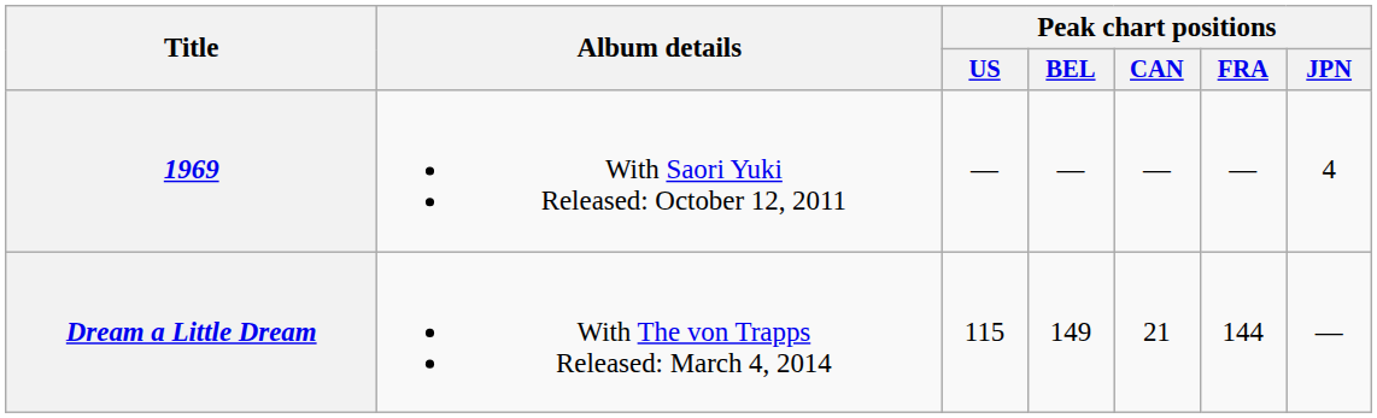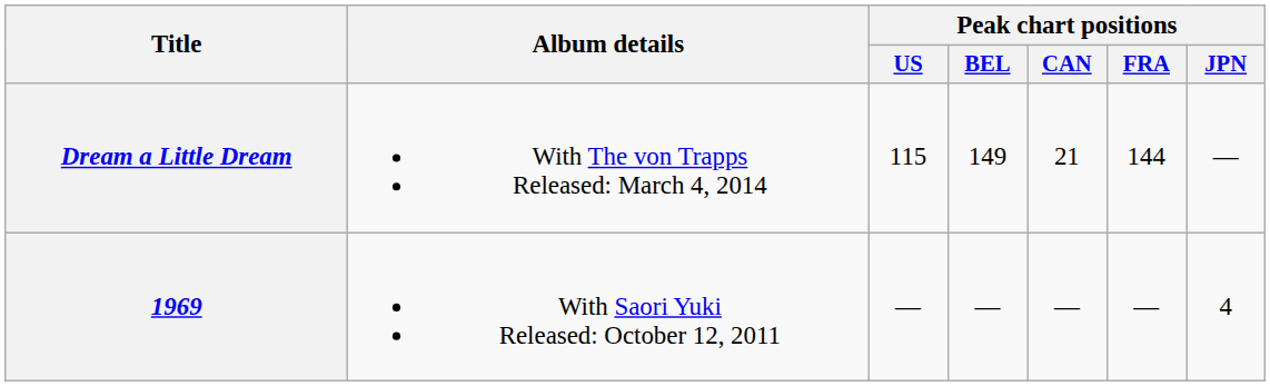 <table class="wikitable plainrowheaders" style="text-align:center;">
 <tr>
 <th scope="col" rowspan="2" style="width:13em;">Title</th>
 <th scope="col" rowspan="2" style="width:20em;">Album details</th>
 <th colspan="5" scope="col">Peak chart positions</th>
 </tr>
 <tr>
 <th scope="col" style="width:3em;font-size:90%;"><a href='#'>US</a><br></th>
 <th scope="col" style="width:3em;font-size:90%;"><a href='#'>BEL</a><br></th>
 <th scope="col" style="width:3em;font-size:90%;"><a href='#'>CAN</a><br></th>
 <th scope="col" style="width:3em;font-size:90%;"><a href='#'>FRA</a><br></th>
 <th scope="col" style="width:3em;font-size:90%;"><a href='#'>JPN</a><br></th>
 </tr>
 <tr>
+<th scope="row"><em><a href='#'>Dream a Little Dream</a></em></th>
+<td><br><ul><li>With <a href='#'>The von Trapps</a></li><li>Released: March 4, 2014</li></ul></td>
+<td>115</td>
+<td>149</td>
+<td>21</td>
+<td>144</td>
+<td>—</td>
+</tr>
+<tr>
 <th scope="row"><em><a href='#'>1969</a></em></th>
 <td><br><ul><li>With <a href='#'>Saori Yuki</a></li><li>Released: October 12, 2011</li></ul></td>
 <td>—</td>
 <td>—</td>
 <td>—</td>
 <td>—</td>
 <td>4</td>
 </tr>
-<tr>
-<th scope="row"><em><a href='#'>Dream a Little Dream</a></em></th>
-<td><br><ul><li>With <a href='#'>The von Trapps</a></li><li>Released: March 4, 2014</li></ul></td>
-<td>115</td>
-<td>149</td>
-<td>21</td>
-<td>144</td>
-<td>—</td>
-</tr>
 </table>
